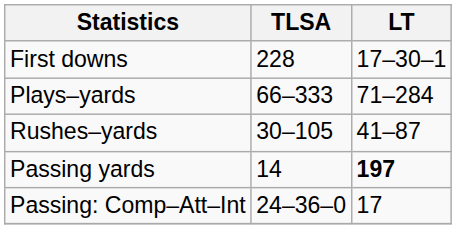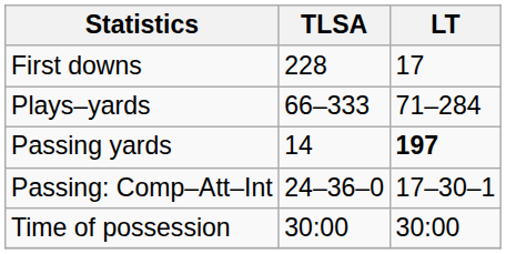 <table class="wikitable" style="float: left;">
 <tr>
 <th>Statistics</th>
 <th>TLSA</th>
 <th>LT</th>
 </tr>
 <tr>
 <td>First downs</td>
 <td>228</td>
-<td>17–30–1</td>
+<td>17</td>
 </tr>
 <tr>
 <td>Plays–yards</td>
 <td>66–333</td>
 <td>71–284</td>
-</tr>
-<tr>
-<td>Rushes–yards</td>
-<td>30–105</td>
-<td>41–87</td>
 </tr>
 <tr>
 <td>Passing yards</td>
 <td>14</td>
 <td><strong>197</strong></td>
 </tr>
 <tr>
 <td>Passing: Comp–Att–Int</td>
 <td>24–36–0</td>
-<td>17</td>
+<td>17–30–1</td>
+</tr>
+<tr>
+<td>Time of possession</td>
+<td>30:00</td>
+<td>30:00</td>
 </tr>
 <tr>
 </tr>
 </table>
